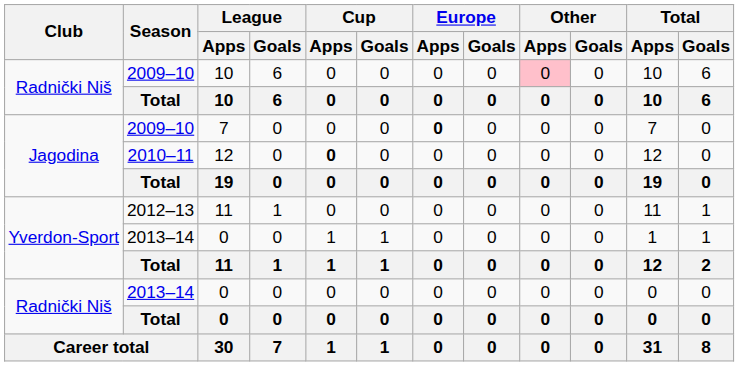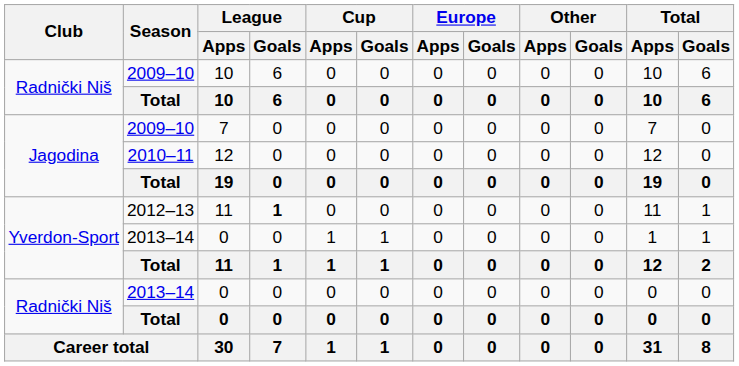 <table class="wikitable" style="text-align: center;">
 <tr>
 <th rowspan="2">Club</th>
 <th rowspan="2">Season</th>
 <th colspan="2">League</th>
 <th colspan="2">Cup</th>
 <th colspan="2"><a href='#'>Europe</a></th>
 <th colspan="2">Other</th>
 <th colspan="2">Total</th>
 </tr>
 <tr>
 <th>Apps</th>
 <th>Goals</th>
 <th>Apps</th>
 <th>Goals</th>
 <th>Apps</th>
 <th>Goals</th>
 <th>Apps</th>
 <th>Goals</th>
 <th>Apps</th>
 <th>Goals</th>
 </tr>
 <tr>
 <td rowspan="2"><a href='#'>Radnički Niš</a></td>
 <td><a href='#'>2009–10</a></td>
 <td>10</td>
 <td>6</td>
 <td>0</td>
 <td>0</td>
 <td>0</td>
 <td>0</td>
-<td style="background: pink;">0</td>
+<td>0</td>
 <td>0</td>
 <td>10</td>
 <td>6</td>
 </tr>
 <tr>
 <th>Total</th>
 <th>10</th>
 <th>6</th>
 <th>0</th>
 <th>0</th>
 <th>0</th>
 <th>0</th>
 <th>0</th>
 <th>0</th>
 <th>10</th>
 <th>6</th>
 </tr>
 <tr>
 <td rowspan="3"><a href='#'>Jagodina</a></td>
 <td><a href='#'>2009–10</a></td>
 <td>7</td>
 <td>0</td>
 <td>0</td>
 <td>0</td>
-<td><strong>0</strong></td>
+<td>0</td>
 <td>0</td>
 <td>0</td>
 <td>0</td>
 <td>7</td>
 <td>0</td>
 </tr>
 <tr>
 <td><a href='#'>2010–11</a></td>
 <td>12</td>
 <td>0</td>
-<td><strong>0</strong></td>
+<td>0</td>
 <td>0</td>
 <td>0</td>
 <td>0</td>
 <td>0</td>
 <td>0</td>
 <td>12</td>
 <td>0</td>
 </tr>
 <tr>
 <th>Total</th>
 <th>19</th>
 <th>0</th>
 <th>0</th>
 <th>0</th>
 <th>0</th>
 <th>0</th>
 <th>0</th>
 <th>0</th>
 <th>19</th>
 <th>0</th>
 </tr>
 <tr>
 <td rowspan="3"><a href='#'>Yverdon-Sport</a></td>
 <td>2012–13</td>
 <td>11</td>
-<td>1</td>
+<td><strong>1</strong></td>
 <td>0</td>
 <td>0</td>
 <td>0</td>
 <td>0</td>
 <td>0</td>
 <td>0</td>
 <td>11</td>
 <td>1</td>
 </tr>
 <tr>
 <td>2013–14</td>
 <td>0</td>
 <td>0</td>
 <td>1</td>
 <td>1</td>
 <td>0</td>
 <td>0</td>
 <td>0</td>
 <td>0</td>
 <td>1</td>
 <td>1</td>
 </tr>
 <tr>
 <th>Total</th>
 <th>11</th>
 <th>1</th>
 <th>1</th>
 <th>1</th>
 <th>0</th>
 <th>0</th>
 <th>0</th>
 <th>0</th>
 <th>12</th>
 <th>2</th>
 </tr>
 <tr>
 <td rowspan="2"><a href='#'>Radnički Niš</a></td>
 <td><a href='#'>2013–14</a></td>
 <td>0</td>
 <td>0</td>
 <td>0</td>
 <td>0</td>
 <td>0</td>
 <td>0</td>
 <td>0</td>
 <td>0</td>
 <td>0</td>
 <td>0</td>
 </tr>
 <tr>
 <th>Total</th>
 <th>0</th>
 <th>0</th>
 <th>0</th>
 <th>0</th>
 <th>0</th>
 <th>0</th>
 <th>0</th>
 <th>0</th>
 <th>0</th>
 <th>0</th>
 </tr>
 <tr>
 <th colspan="2">Career total</th>
 <th>30</th>
 <th>7</th>
 <th>1</th>
 <th>1</th>
 <th>0</th>
 <th>0</th>
 <th>0</th>
 <th>0</th>
 <th>31</th>
 <th>8</th>
 </tr>
 </table>
